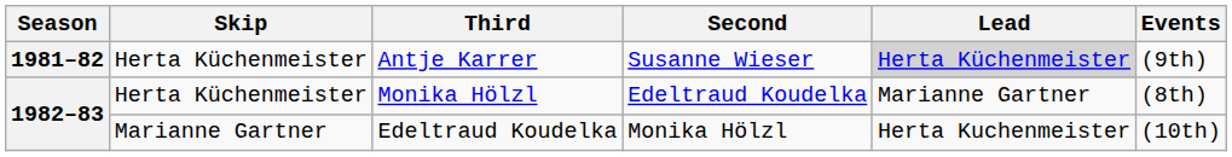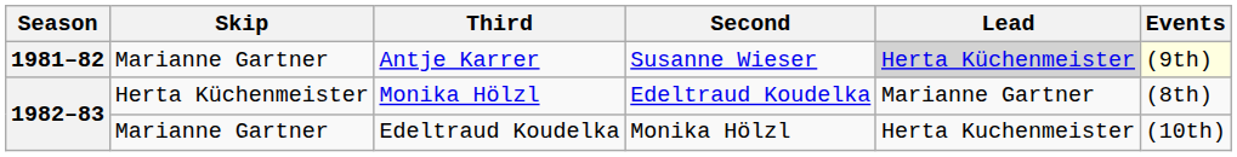 <table class="wikitable">
 <tr>
 <th scope="col">Season</th>
 <th scope="col">Skip</th>
 <th scope="col">Third</th>
 <th scope="col">Second</th>
 <th scope="col">Lead</th>
 <th scope="col">Events</th>
 </tr>
 <tr>
 <th scope="row">1981–82</th>
-<td>Herta Küchenmeister</td>
+<td>Marianne Gartner</td>
 <td><a href='#'>Antje Karrer</a></td>
 <td><a href='#'>Susanne Wieser</a></td>
 <td style="background: lightgrey;"><a href='#'>Herta Küchenmeister</a></td>
-<td> (9th)</td>
+<td style="background: lightyellow;"> (9th)</td>
 </tr>
 <tr>
 <th scope="row" rowspan="2">1982–83</th>
 <td>Herta Küchenmeister</td>
 <td><a href='#'>Monika Hölzl</a></td>
 <td><a href='#'>Edeltraud Koudelka</a></td>
 <td>Marianne Gartner</td>
 <td> (8th)</td>
 </tr>
 <tr>
 <td>Marianne Gartner</td>
 <td>Edeltraud Koudelka</td>
 <td>Monika Hölzl</td>
 <td>Herta Kuchenmeister</td>
 <td> (10th)</td>
 </tr>
 </table>
